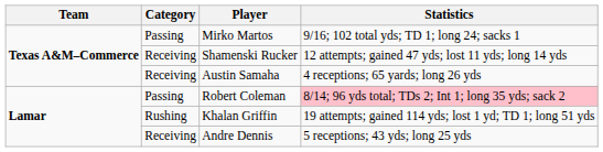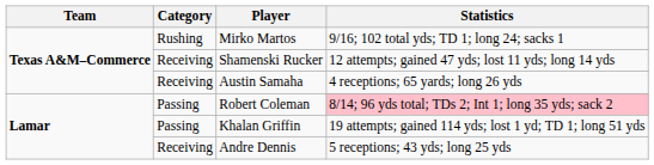 <table class="wikitable" style="float: right;">
 <tr>
 <th>Team</th>
 <th>Category</th>
 <th>Player</th>
 <th>Statistics</th>
 </tr>
 <tr>
 <td rowspan=3><strong>Texas A&M–Commerce</strong></td>
-<td>Passing</td>
+<td>Rushing</td>
 <td>Mirko Martos</td>
 <td>9/16; 102 total yds; TD 1; long 24; sacks 1</td>
 </tr>
 <tr>
 <td>Receiving</td>
 <td>Shamenski Rucker</td>
 <td>12 attempts; gained 47 yds; lost 11 yds; long 14 yds</td>
 </tr>
 <tr>
 <td>Receiving</td>
 <td>Austin Samaha</td>
 <td>4 receptions; 65 yards; long 26 yds</td>
 </tr>
 <tr>
 <td rowspan=3><strong>Lamar</strong></td>
 <td>Passing</td>
 <td>Robert Coleman</td>
 <td style="background: pink;">8/14; 96 yds total; TDs 2; Int 1; long 35 yds; sack 2</td>
 </tr>
 <tr>
-<td>Rushing</td>
+<td>Passing</td>
 <td>Khalan Griffin</td>
 <td>19 attempts; gained 114 yds; lost 1 yd; TD 1; long 51 yds</td>
 </tr>
 <tr>
 <td>Receiving</td>
 <td>Andre Dennis</td>
 <td>5 receptions; 43 yds; long 25 yds</td>
 </tr>
 </table>
